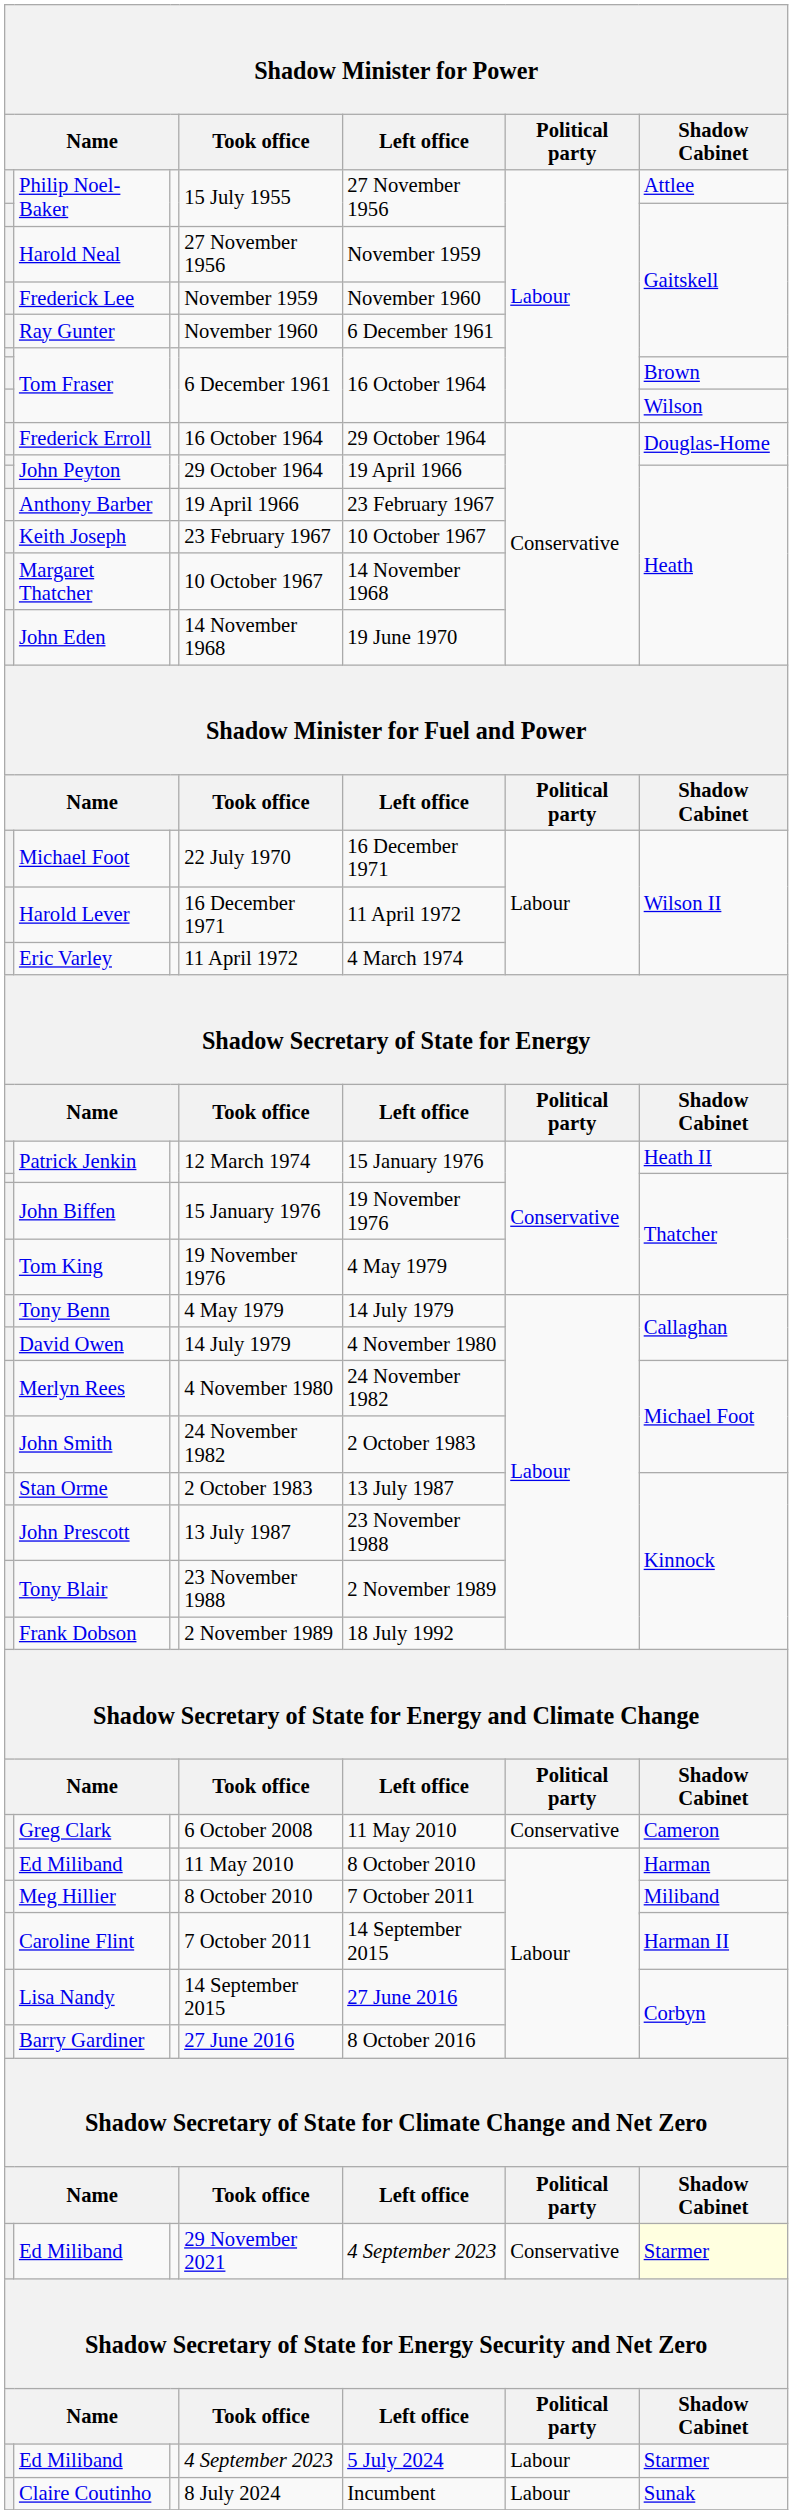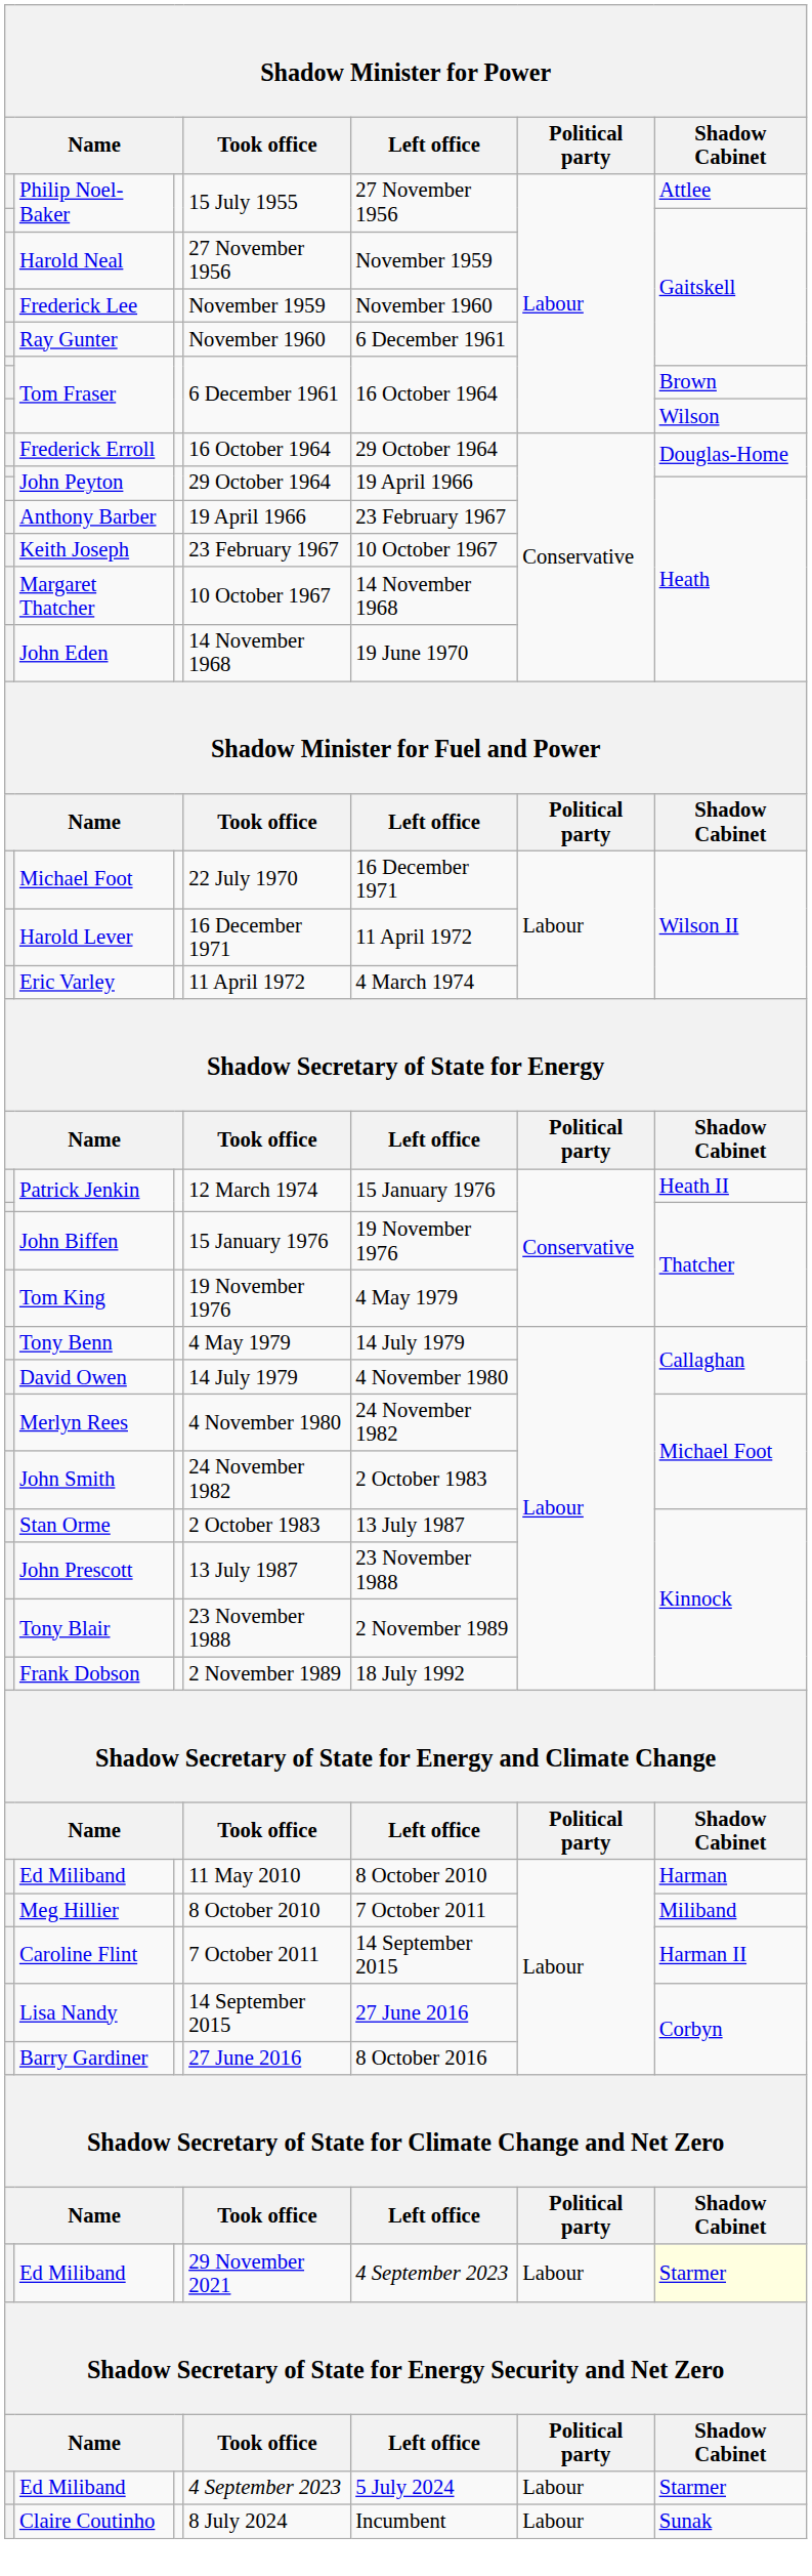 <table class="wikitable">
 <tr>
 <th colspan=7><br><h3>Shadow Minister for Power</h3></th>
 </tr>
 <tr>
 <th colspan=3>Name</th>
 <th>Took office</th>
 <th>Left office</th>
 <th>Political party</th>
 <th>Shadow Cabinet</th>
 </tr>
 <tr>
 <th style="background-color: "></th>
 <td rowspan=2><a href='#'>Philip Noel-Baker</a></td>
 <td rowspan=2></td>
 <td rowspan=2>15 July 1955</td>
 <td rowspan=2>27 November 1956</td>
 <td rowspan=8><a href='#'>Labour</a></td>
 <td><a href='#'>Attlee</a></td>
 </tr>
 <tr>
 <th style="background-color: "></th>
 <td rowspan=5 ><a href='#'>Gaitskell</a></td>
 </tr>
 <tr>
 <th style="background-color: "></th>
 <td><a href='#'>Harold Neal</a></td>
 <td></td>
 <td>27 November 1956</td>
 <td>November 1959</td>
 </tr>
 <tr>
 <th style="background-color: "></th>
 <td><a href='#'>Frederick Lee</a></td>
 <td></td>
 <td>November 1959</td>
 <td>November 1960</td>
 </tr>
 <tr>
 <th style="background-color: "></th>
 <td><a href='#'>Ray Gunter</a></td>
 <td></td>
 <td>November 1960</td>
 <td>6 December 1961</td>
 </tr>
 <tr>
 <th style="background-color: "></th>
 <td rowspan=3><a href='#'>Tom Fraser</a></td>
 <td rowspan=3></td>
 <td rowspan=3>6 December 1961</td>
 <td rowspan=3>16 October 1964</td>
 </tr>
 <tr>
 <th style="background-color: "></th>
 <td><a href='#'>Brown</a></td>
 </tr>
 <tr>
 <th style="background-color: "></th>
 <td><a href='#'>Wilson</a></td>
 </tr>
 <tr>
 <th style="background-color: "></th>
 <td><a href='#'>Frederick Erroll</a></td>
 <td></td>
 <td>16 October 1964</td>
 <td>29 October 1964</td>
 <td rowspan=7>Conservative</td>
 <td rowspan=2 ><a href='#'>Douglas-Home</a></td>
 </tr>
 <tr>
 <th style="background-color: "></th>
 <td rowspan=2><a href='#'>John Peyton</a></td>
 <td rowspan=2></td>
 <td rowspan=2>29 October 1964</td>
 <td rowspan=2>19 April 1966</td>
 </tr>
 <tr>
 <th style="background-color: "></th>
 <td rowspan=5 ><a href='#'>Heath</a></td>
 </tr>
 <tr>
 <th style="background-color: "></th>
 <td><a href='#'>Anthony Barber</a></td>
 <td></td>
 <td>19 April 1966</td>
 <td>23 February 1967</td>
 </tr>
 <tr>
 <th style="background-color: "></th>
 <td><a href='#'>Keith Joseph</a></td>
 <td></td>
 <td>23 February 1967</td>
 <td>10 October 1967</td>
 </tr>
 <tr>
 <th style="background-color: "></th>
 <td><a href='#'>Margaret Thatcher</a></td>
 <td></td>
 <td>10 October 1967</td>
 <td>14 November 1968</td>
 </tr>
 <tr>
 <th style="background-color: "></th>
 <td><a href='#'>John Eden</a></td>
 <td></td>
 <td>14 November 1968</td>
 <td>19 June 1970</td>
 </tr>
 <tr>
 <th colspan=7><br><h3>Shadow Minister for Fuel and Power</h3></th>
 </tr>
 <tr>
 <th colspan=3>Name</th>
 <th>Took office</th>
 <th>Left office</th>
 <th>Political party</th>
 <th>Shadow Cabinet</th>
 </tr>
 <tr>
 <th style="background-color: "></th>
 <td><a href='#'>Michael Foot</a></td>
 <td></td>
 <td>22 July 1970</td>
 <td>16 December 1971</td>
 <td rowspan=3>Labour</td>
 <td rowspan=3 ><a href='#'>Wilson II</a></td>
 </tr>
 <tr>
 <th style="background-color: "></th>
 <td><a href='#'>Harold Lever</a></td>
 <td></td>
 <td>16 December 1971</td>
 <td>11 April 1972</td>
 </tr>
 <tr>
 <th style="background-color: "></th>
 <td><a href='#'>Eric Varley</a></td>
 <td></td>
 <td>11 April 1972</td>
 <td>4 March 1974</td>
 </tr>
 <tr>
 <th colspan=7><br><h3>Shadow Secretary of State for Energy</h3></th>
 </tr>
 <tr>
 <th colspan=3>Name</th>
 <th>Took office</th>
 <th>Left office</th>
 <th>Political party</th>
 <th>Shadow Cabinet</th>
 </tr>
 <tr>
 <th style="background-color: "></th>
 <td rowspan=2><a href='#'>Patrick Jenkin</a></td>
 <td rowspan=2></td>
 <td rowspan=2>12 March 1974</td>
 <td rowspan=2>15 January 1976</td>
 <td rowspan="4"><a href='#'>Conservative</a></td>
 <td><a href='#'>Heath II</a></td>
 </tr>
 <tr>
 <th style="background-color: "></th>
 <td rowspan=3 ><a href='#'>Thatcher</a></td>
 </tr>
 <tr>
 <th style="background-color: "></th>
 <td><a href='#'>John Biffen</a></td>
 <td></td>
 <td>15 January 1976</td>
 <td>19 November 1976</td>
 </tr>
 <tr>
 <th style="background-color: "></th>
 <td><a href='#'>Tom King</a></td>
 <td></td>
 <td>19 November 1976</td>
 <td>4 May 1979</td>
 </tr>
 <tr>
 <th style="background-color: "></th>
 <td><a href='#'>Tony Benn</a></td>
 <td></td>
 <td>4 May 1979</td>
 <td>14 July 1979</td>
 <td rowspan="8"><a href='#'>Labour</a></td>
 <td rowspan=2 ><a href='#'>Callaghan</a></td>
 </tr>
 <tr>
 <th style="background-color: "></th>
 <td><a href='#'>David Owen</a></td>
 <td></td>
 <td>14 July 1979</td>
 <td>4 November 1980</td>
 </tr>
 <tr>
 <th style="background-color: "></th>
 <td><a href='#'>Merlyn Rees</a></td>
 <td></td>
 <td>4 November 1980</td>
 <td>24 November 1982</td>
 <td rowspan=2 ><a href='#'>Michael Foot</a></td>
 </tr>
 <tr>
 <th style="background-color: "></th>
 <td><a href='#'>John Smith</a></td>
 <td></td>
 <td>24 November 1982</td>
 <td>2 October 1983</td>
 </tr>
 <tr>
 <th style="background-color: "></th>
 <td><a href='#'>Stan Orme</a></td>
 <td></td>
 <td>2 October 1983</td>
 <td>13 July 1987</td>
 <td rowspan=4 ><a href='#'>Kinnock</a></td>
 </tr>
 <tr>
 <th style="background-color: "></th>
 <td><a href='#'>John Prescott</a></td>
 <td></td>
 <td>13 July 1987</td>
 <td>23 November 1988</td>
 </tr>
 <tr>
 <th style="background-color: "></th>
 <td><a href='#'>Tony Blair</a></td>
 <td></td>
 <td>23 November 1988</td>
 <td>2 November 1989</td>
 </tr>
 <tr>
 <th style="background-color: "></th>
 <td><a href='#'>Frank Dobson</a></td>
 <td></td>
 <td>2 November 1989</td>
 <td>18 July 1992</td>
 </tr>
 <tr>
 <th colspan=7><br><h3>Shadow Secretary of State for Energy and Climate Change</h3></th>
 </tr>
 <tr>
 <th colspan=3>Name</th>
 <th>Took office</th>
 <th>Left office</th>
 <th>Political party</th>
 <th>Shadow Cabinet</th>
 </tr>
 <tr>
 <th style="background-color: "></th>
-<td><a href='#'>Greg Clark</a></td>
-<td></td>
-<td>6 October 2008</td>
-<td>11 May 2010</td>
-<td>Conservative</td>
-<td><a href='#'>Cameron</a></td>
-</tr>
-<tr>
-<th style="background-color: "></th>
 <td><a href='#'>Ed Miliband</a></td>
 <td></td>
 <td>11 May 2010</td>
 <td>8 October 2010</td>
 <td rowspan="6">Labour</td>
 <td><a href='#'>Harman</a></td>
 </tr>
 <tr>
 <th style="background-color: "></th>
 <td><a href='#'>Meg Hillier</a></td>
 <td></td>
 <td>8 October 2010</td>
 <td>7 October 2011</td>
 <td rowspan=2 ><a href='#'>Miliband</a></td>
 </tr>
 <tr>
 <th rowspan=2 style="background-color: "></th>
 <td rowspan=2><a href='#'>Caroline Flint</a></td>
 <td rowspan=2></td>
 <td rowspan=2>7 October 2011</td>
 <td rowspan=2>14 September 2015</td>
 </tr>
 <tr>
 <td><a href='#'>Harman II</a></td>
 </tr>
 <tr>
 <th style="background-color: "></th>
 <td><a href='#'>Lisa Nandy</a></td>
 <td></td>
 <td>14 September 2015</td>
 <td><a href='#'>27 June 2016</a></td>
 <td rowspan=2 ><a href='#'>Corbyn</a></td>
 </tr>
 <tr>
 <th style="background-color: "></th>
 <td><a href='#'>Barry Gardiner</a></td>
 <td></td>
 <td><a href='#'>27 June 2016</a></td>
 <td>8 October 2016</td>
 </tr>
 <tr>
 <th colspan=7><br><h3>Shadow Secretary of State for Climate Change and Net Zero</h3></th>
 </tr>
 <tr>
 <th colspan=3>Name</th>
 <th>Took office</th>
 <th>Left office</th>
 <th>Political party</th>
 <th>Shadow Cabinet</th>
 </tr>
 <tr>
 <th style="background-color: "></th>
 <td><a href='#'>Ed Miliband</a></td>
 <td></td>
 <td><a href='#'>29 November 2021</a></td>
 <td><em>4 September 2023</em></td>
-<td>Conservative</td>
+<td>Labour</td>
 <td style="background: lightyellow;"><a href='#'>Starmer</a></td>
 </tr>
 <tr>
 <th colspan=7><br><h3>Shadow Secretary of State for Energy Security and Net Zero</h3></th>
 </tr>
 <tr>
 <th colspan=3>Name</th>
 <th>Took office</th>
 <th>Left office</th>
 <th>Political party</th>
 <th>Shadow Cabinet</th>
 </tr>
 <tr>
 <th style="background-color: "></th>
 <td><a href='#'>Ed Miliband</a></td>
 <td></td>
 <td><em>4 September 2023</em></td>
 <td><a href='#'>5 July 2024</a></td>
 <td>Labour</td>
 <td><a href='#'>Starmer</a></td>
 </tr>
 <tr>
 <th style="background-color: "></th>
 <td><a href='#'>Claire Coutinho</a></td>
 <td></td>
 <td>8 July 2024</td>
 <td>Incumbent</td>
 <td>Labour</td>
 <td><a href='#'>Sunak</a></td>
 </tr>
 </table>
